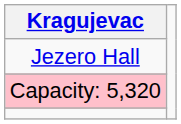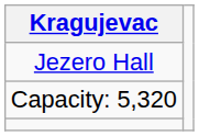 <table class="wikitable" style="text-align:center">
 <tr>
 <th><a href='#'>Kragujevac</a></th>
 <td rowspan=4></td>
 </tr>
 <tr>
 <td><a href='#'>Jezero Hall</a></td>
 </tr>
 <tr>
-<td style="background: pink;">Capacity: 5,320</td>
+<td>Capacity: 5,320</td>
 </tr>
 <tr>
 <td></td>
 </tr>
 </table>
